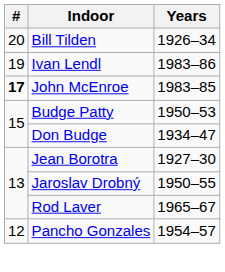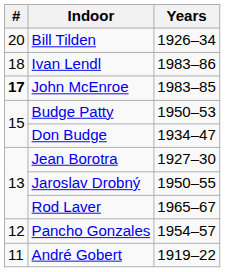 <table class=wikitable style="display:inline-table;">
 <tr>
 <th>#</th>
 <th>Indoor</th>
 <th>Years</th>
 </tr>
 <tr>
 <td>20</td>
 <td> <a href='#'>Bill Tilden</a></td>
 <td>1926–34</td>
 </tr>
 <tr>
-<td>19</td>
+<td>18</td>
 <td> <a href='#'>Ivan Lendl</a></td>
 <td>1983–86</td>
 </tr>
 <tr>
 <td><strong>17</strong></td>
 <td> <a href='#'>John McEnroe</a></td>
 <td>1983–85</td>
 </tr>
 <tr>
 <td rowspan="2">15</td>
 <td> <a href='#'>Budge Patty</a></td>
 <td>1950–53</td>
 </tr>
 <tr>
 <td> <a href='#'>Don Budge</a></td>
 <td>1934–47</td>
 </tr>
 <tr>
 <td rowspan="3">13</td>
 <td> <a href='#'>Jean Borotra</a></td>
 <td>1927–30</td>
 </tr>
 <tr>
 <td> <a href='#'>Jaroslav Drobný</a></td>
 <td>1950–55</td>
 </tr>
 <tr>
 <td> <a href='#'>Rod Laver</a></td>
 <td>1965–67</td>
 </tr>
 <tr>
 <td>12</td>
 <td> <a href='#'>Pancho Gonzales</a></td>
 <td>1954–57</td>
 </tr>
+<tr>
+<td>11</td>
+<td> <a href='#'>André Gobert</a></td>
+<td>1919–22</td>
+</tr>
 </table>
